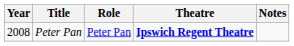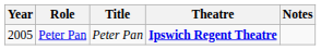 <table class="wikitable">
 <tr>
 <th>Year</th>
+<th>Role</th>
 <th>Title</th>
-<th>Role</th>
 <th>Theatre</th>
 <th>Notes</th>
 </tr>
 <tr>
-<td>2008</td>
+<td>2005</td>
+<td><a href='#'>Peter Pan</a></td>
 <td><em>Peter Pan</em></td>
-<td><a href='#'>Peter Pan</a></td>
 <td><strong><a href='#'>Ipswich Regent Theatre</a></strong></td>
 <td></td>
 </tr>
 </table>
